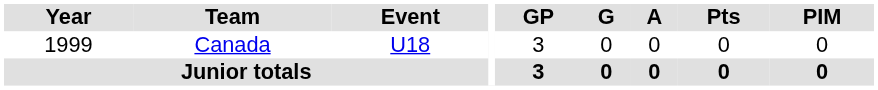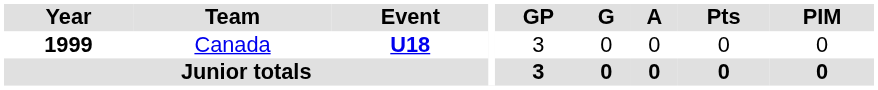 <table border="0" cellpadding="1" cellspacing="0" ID="Table3" style="text-align:center; width:40em">
 <tr bgcolor="#e0e0e0">
 <th>Year</th>
 <th>Team</th>
 <th>Event</th>
 <th rowspan="102" bgcolor="#ffffff"></th>
 <th>GP</th>
 <th>G</th>
 <th>A</th>
 <th>Pts</th>
 <th>PIM</th>
 </tr>
 <tr>
-<td>1999</td>
+<td><strong>1999</strong></td>
 <td><a href='#'>Canada</a></td>
-<td><a href='#'>U18</a></td>
+<td><strong><a href='#'>U18</a></strong></td>
 <td>3</td>
 <td>0</td>
 <td>0</td>
 <td>0</td>
 <td>0</td>
 </tr>
 <tr bgcolor="#e0e0e0">
 <th colspan="3">Junior totals</th>
 <th>3</th>
 <th>0</th>
 <th>0</th>
 <th>0</th>
 <th>0</th>
 </tr>
 </table>
